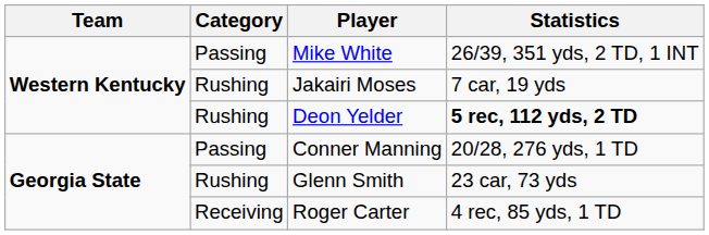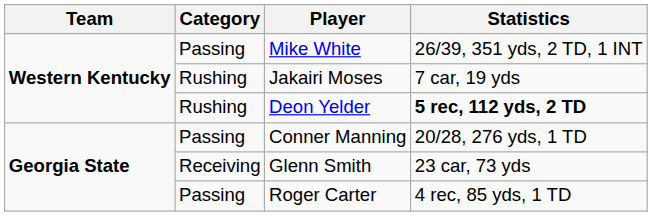 <table class="wikitable">
 <tr>
 <th>Team</th>
 <th>Category</th>
 <th>Player</th>
 <th>Statistics</th>
 </tr>
 <tr>
 <td rowspan=3><strong>Western Kentucky</strong></td>
 <td>Passing</td>
 <td><a href='#'>Mike White</a></td>
 <td>26/39, 351 yds, 2 TD, 1 INT</td>
 </tr>
 <tr>
 <td>Rushing</td>
 <td>Jakairi Moses</td>
 <td>7 car, 19 yds</td>
 </tr>
 <tr>
 <td>Rushing</td>
 <td><a href='#'>Deon Yelder</a></td>
 <td><strong>5 rec, 112 yds, 2 TD</strong></td>
 </tr>
 <tr>
 <td rowspan=3><strong>Georgia State</strong></td>
 <td>Passing</td>
 <td>Conner Manning</td>
 <td>20/28, 276 yds, 1 TD</td>
 </tr>
 <tr>
-<td>Rushing</td>
+<td>Receiving</td>
 <td>Glenn Smith</td>
 <td>23 car, 73 yds</td>
 </tr>
 <tr>
-<td>Receiving</td>
+<td>Passing</td>
 <td>Roger Carter</td>
 <td>4 rec, 85 yds, 1 TD</td>
 </tr>
 </table>
